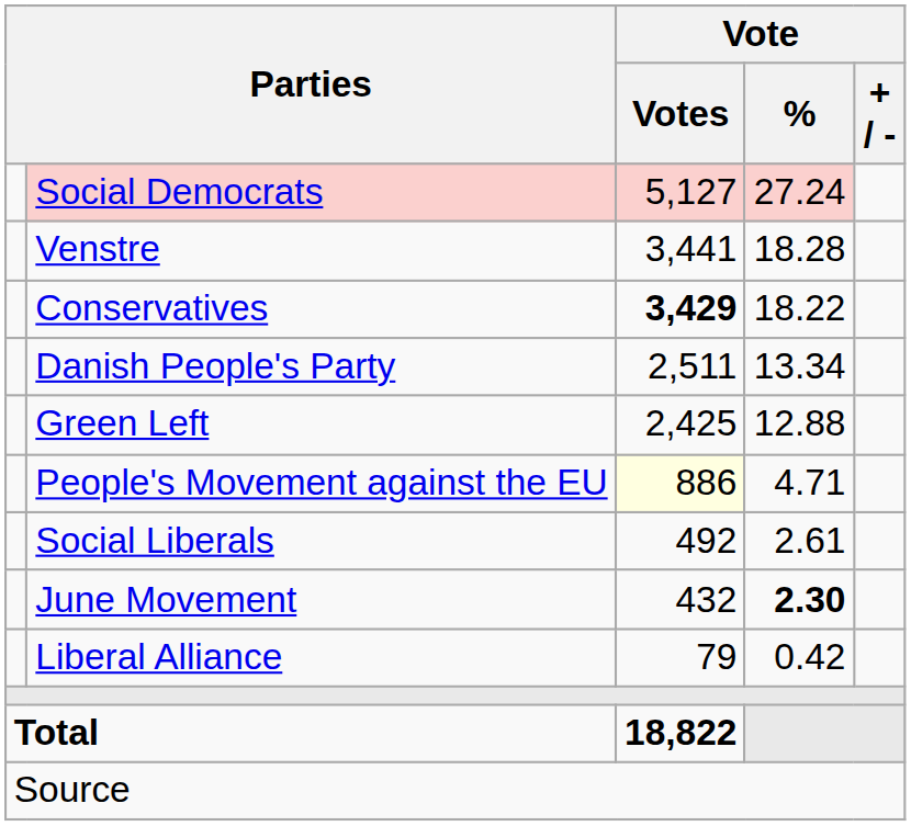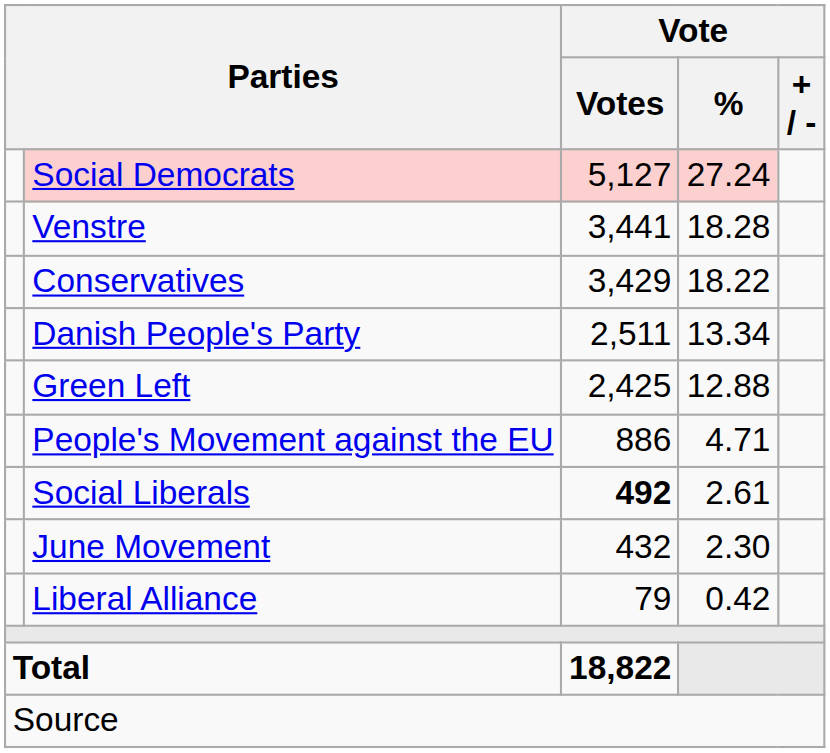 <table class="wikitable" style="text-align:right;">
 <tr>
 <th style="text-align:centre;" rowspan="2" colspan="2" width="225">Parties</th>
 <th colspan="3">Vote</th>
 </tr>
 <tr>
 <th width="15">Votes</th>
 <th width="15">%</th>
 <th width="15">+ / -</th>
 </tr>
 <tr>
 <td width="2" style="color:inherit;background:"></td>
 <td bgcolor=#fbd0ce   align="left"><a href='#'>Social Democrats</a></td>
 <td bgcolor=#fbd0ce>5,127</td>
 <td bgcolor=#fbd0ce>27.24</td>
 <td></td>
 </tr>
 <tr>
 <td width="2" style="color:inherit;background:"></td>
 <td align="left"><a href='#'>Venstre</a></td>
 <td>3,441</td>
 <td>18.28</td>
 <td></td>
 </tr>
 <tr>
 <td width="2" style="color:inherit;background:"></td>
 <td align="left"><a href='#'>Conservatives</a></td>
-<td><strong>3,429</strong></td>
+<td>3,429</td>
 <td>18.22</td>
 <td></td>
 </tr>
 <tr>
 <td width="2" style="color:inherit;background:"></td>
 <td align="left"><a href='#'>Danish People's Party</a></td>
 <td>2,511</td>
 <td>13.34</td>
 <td></td>
 </tr>
 <tr>
 <td width="2" style="color:inherit;background:"></td>
 <td align="left"><a href='#'>Green Left</a></td>
 <td>2,425</td>
 <td>12.88</td>
 <td></td>
 </tr>
 <tr>
 <td width="2" style="color:inherit;background:"></td>
 <td align="left"><a href='#'>People's Movement against the EU</a></td>
-<td style="background: lightyellow;">886</td>
+<td>886</td>
 <td>4.71</td>
 <td></td>
 </tr>
 <tr>
 <td width="2" style="color:inherit;background:"></td>
 <td align="left"><a href='#'>Social Liberals</a></td>
-<td>492</td>
+<td><strong>492</strong></td>
 <td>2.61</td>
 <td></td>
 </tr>
 <tr>
 <td width="2" style="color:inherit;background:"></td>
 <td align="left"><a href='#'>June Movement</a></td>
 <td>432</td>
-<td><strong>2.30</strong></td>
+<td>2.30</td>
 <td></td>
 </tr>
 <tr>
 <td width="2" style="color:inherit;background:"></td>
 <td align="left"><a href='#'>Liberal Alliance</a></td>
 <td>79</td>
 <td>0.42</td>
 <td></td>
 </tr>
 <tr>
 <td colspan="7" bgcolor="#E9E9E9"></td>
 </tr>
 <tr>
 <td align="left" colspan="2"><strong>Total</strong></td>
 <td><strong>18,822</strong></td>
 <td bgcolor="#E9E9E9" colspan="2"></td>
 </tr>
 <tr>
 <td align="left" colspan="6">Source</td>
 </tr>
 </table>
